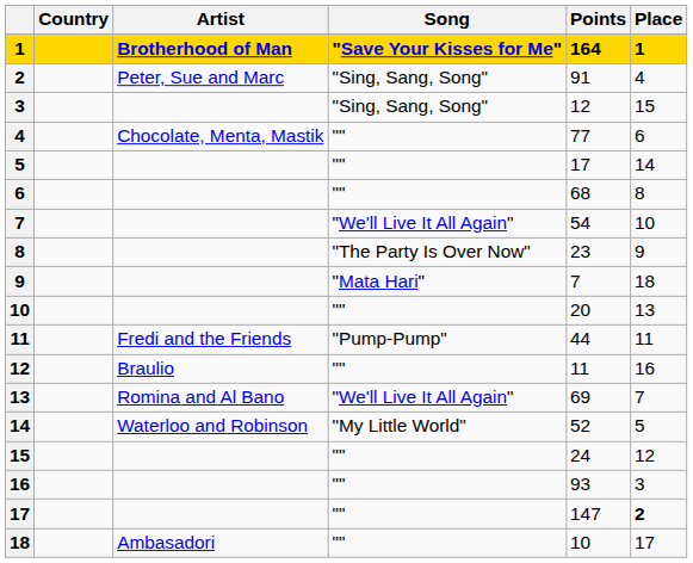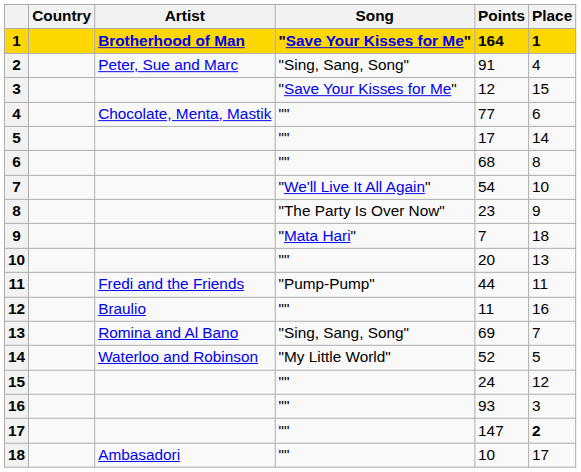 <table class="sortable wikitable plainrowheaders">
 <tr>
 </tr>
 <tr>
 <th scope="col"></th>
 <th scope="col">Country</th>
 <th scope="col">Artist</th>
 <th scope="col">Song</th>
 <th scope="col">Points</th>
 <th scope="col">Place</th>
 </tr>
 <tr style="font-weight:bold; background:gold;">
 <th scope="row" style="text-align:center; font-weight:bold; background:gold;">1</th>
 <td></td>
 <td><a href='#'>Brotherhood of Man</a></td>
 <td>"<a href='#'>Save Your Kisses for Me</a>"</td>
 <td>164</td>
 <td>1</td>
 </tr>
 <tr>
 <th scope="row" style="text-align:center;">2</th>
 <td></td>
 <td><a href='#'>Peter, Sue and Marc</a></td>
 <td>"Sing, Sang, Song"</td>
 <td>91</td>
 <td>4</td>
 </tr>
 <tr>
 <th scope="row" style="text-align:center;">3</th>
 <td></td>
 <td></td>
-<td>"Sing, Sang, Song"</td>
+<td>"<a href='#'>Save Your Kisses for Me</a>"</td>
 <td>12</td>
 <td>15</td>
 </tr>
 <tr>
 <th scope="row" style="text-align:center;">4</th>
 <td></td>
 <td><a href='#'>Chocolate, Menta, Mastik</a></td>
 <td>""</td>
 <td>77</td>
 <td>6</td>
 </tr>
 <tr>
 <th scope="row" style="text-align:center;">5</th>
 <td></td>
 <td></td>
 <td>""</td>
 <td>17</td>
 <td>14</td>
 </tr>
 <tr>
 <th scope="row" style="text-align:center;">6</th>
 <td></td>
 <td></td>
 <td>""</td>
 <td>68</td>
 <td>8</td>
 </tr>
 <tr>
 <th scope="row" style="text-align:center;">7</th>
 <td></td>
 <td></td>
 <td>"<a href='#'>We'll Live It All Again</a>"</td>
 <td>54</td>
 <td>10</td>
 </tr>
 <tr>
 <th scope="row" style="text-align:center;">8</th>
 <td></td>
 <td></td>
 <td>"The Party Is Over Now"</td>
 <td>23</td>
 <td>9</td>
 </tr>
 <tr>
 <th scope="row" style="text-align:center;">9</th>
 <td></td>
 <td></td>
 <td>"<a href='#'>Mata Hari</a>"</td>
 <td>7</td>
 <td>18</td>
 </tr>
 <tr>
 <th scope="row" style="text-align:center;">10</th>
 <td></td>
 <td></td>
 <td>""</td>
 <td>20</td>
 <td>13</td>
 </tr>
 <tr>
 <th scope="row" style="text-align:center;">11</th>
 <td></td>
 <td><a href='#'>Fredi and the Friends</a></td>
 <td>"Pump-Pump"</td>
 <td>44</td>
 <td>11</td>
 </tr>
 <tr>
 <th scope="row" style="text-align:center;">12</th>
 <td></td>
 <td><a href='#'>Braulio</a></td>
 <td>""</td>
 <td>11</td>
 <td>16</td>
 </tr>
 <tr>
 <th scope="row" style="text-align:center;">13</th>
 <td></td>
 <td><a href='#'>Romina and Al Bano</a></td>
-<td>"<a href='#'>We'll Live It All Again</a>"</td>
+<td>"Sing, Sang, Song"</td>
 <td>69</td>
 <td>7</td>
 </tr>
 <tr>
 <th scope="row" style="text-align:center;">14</th>
 <td></td>
 <td><a href='#'>Waterloo and Robinson</a></td>
 <td>"My Little World"</td>
 <td>52</td>
 <td>5</td>
 </tr>
 <tr>
 <th scope="row" style="text-align:center;">15</th>
 <td></td>
 <td></td>
 <td>""</td>
 <td>24</td>
 <td>12</td>
 </tr>
 <tr>
 <th scope="row" style="text-align:center;">16</th>
 <td></td>
 <td></td>
 <td>""</td>
 <td>93</td>
 <td>3</td>
 </tr>
 <tr>
 <th scope="row" style="text-align:center;">17</th>
 <td></td>
 <td></td>
 <td>""</td>
 <td>147</td>
 <td><strong>2</strong></td>
 </tr>
 <tr>
 <th scope="row" style="text-align:center;">18</th>
 <td></td>
 <td><a href='#'>Ambasadori</a></td>
 <td>""</td>
 <td>10</td>
 <td>17</td>
 </tr>
 </table>
